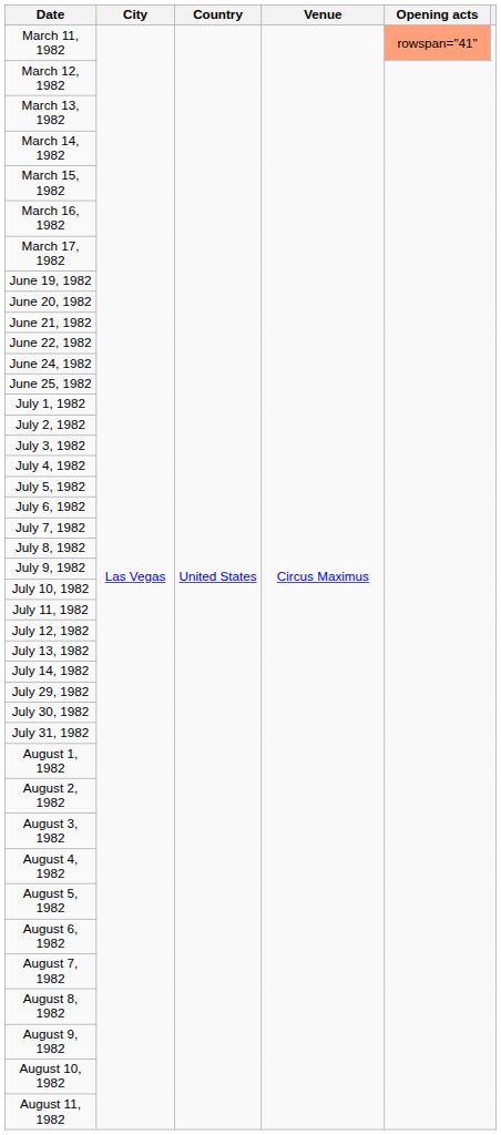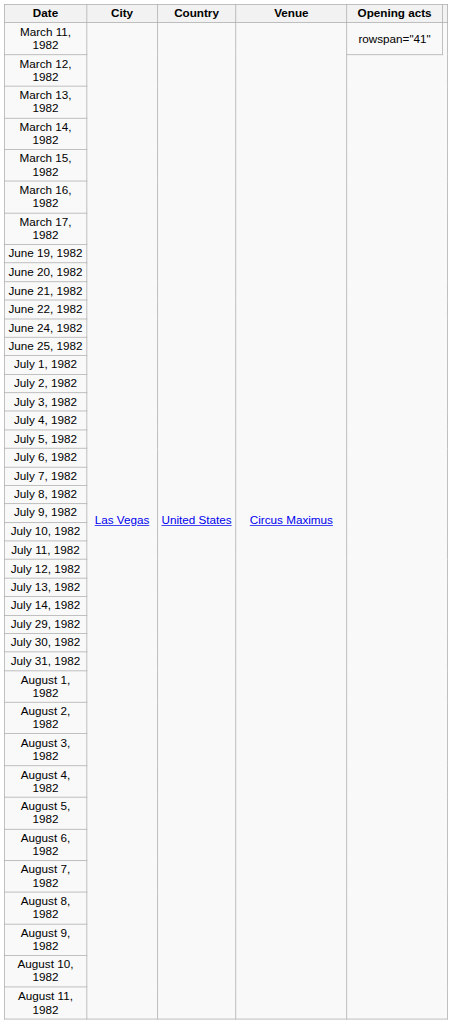 <table class="wikitable" id="1982" style="text-align:center;">
 <tr>
 <th scope="col" style="width:12em;">Date</th>
 <th scope="col" style="width:10em;">City</th>
 <th scope="col" style="width:10em;">Country</th>
 <th scope="col" style="width:17em;">Venue</th>
 <th scope="col" style="width:10em;">Opening acts</th>
 <th scope="col" class="unsortable"></th>
 </tr>
 <tr>
 <td>March 11, 1982</td>
 <td rowspan="41"><a href='#'>Las Vegas</a></td>
 <td rowspan="41"><a href='#'>United States</a></td>
 <td rowspan="41"><a href='#'>Circus Maximus</a></td>
-<td style="background: lightsalmon;">rowspan="41" </td>
+<td>rowspan="41" </td>
 </tr>
 <tr>
 <td>March 12, 1982</td>
 </tr>
 <tr>
 <td>March 13, 1982</td>
 </tr>
 <tr>
 <td>March 14, 1982</td>
 </tr>
 <tr>
 <td>March 15, 1982</td>
 </tr>
 <tr>
 <td>March 16, 1982</td>
 </tr>
 <tr>
 <td>March 17, 1982</td>
 </tr>
 <tr>
 <td>June 19, 1982</td>
 </tr>
 <tr>
 <td>June 20, 1982</td>
 </tr>
 <tr>
 <td>June 21, 1982</td>
 </tr>
 <tr>
 <td>June 22, 1982</td>
 </tr>
 <tr>
 <td>June 24, 1982</td>
 </tr>
 <tr>
 <td>June 25, 1982</td>
 </tr>
 <tr>
 <td>July 1, 1982</td>
 </tr>
 <tr>
 <td>July 2, 1982</td>
 </tr>
 <tr>
 <td>July 3, 1982</td>
 </tr>
 <tr>
 <td>July 4, 1982</td>
 </tr>
 <tr>
 <td>July 5, 1982</td>
 </tr>
 <tr>
 <td>July 6, 1982</td>
 </tr>
 <tr>
 <td>July 7, 1982</td>
 </tr>
 <tr>
 <td>July 8, 1982</td>
 </tr>
 <tr>
 <td>July 9, 1982</td>
 </tr>
 <tr>
 <td>July 10, 1982</td>
 </tr>
 <tr>
 <td>July 11, 1982</td>
 </tr>
 <tr>
 <td>July 12, 1982</td>
 </tr>
 <tr>
 <td>July 13, 1982</td>
 </tr>
 <tr>
 <td>July 14, 1982</td>
 </tr>
 <tr>
 <td>July 29, 1982</td>
 </tr>
 <tr>
 <td>July 30, 1982</td>
 </tr>
 <tr>
 <td>July 31, 1982</td>
 </tr>
 <tr>
 <td>August 1, 1982</td>
 </tr>
 <tr>
 <td>August 2, 1982</td>
 </tr>
 <tr>
 <td>August 3, 1982</td>
 </tr>
 <tr>
 <td>August 4, 1982</td>
 </tr>
 <tr>
 <td>August 5, 1982</td>
 </tr>
 <tr>
 <td>August 6, 1982</td>
 </tr>
 <tr>
 <td>August 7, 1982</td>
 </tr>
 <tr>
 <td>August 8, 1982</td>
 </tr>
 <tr>
 <td>August 9, 1982</td>
 </tr>
 <tr>
 <td>August 10, 1982</td>
 </tr>
 <tr>
 <td>August 11, 1982</td>
 </tr>
 </table>
